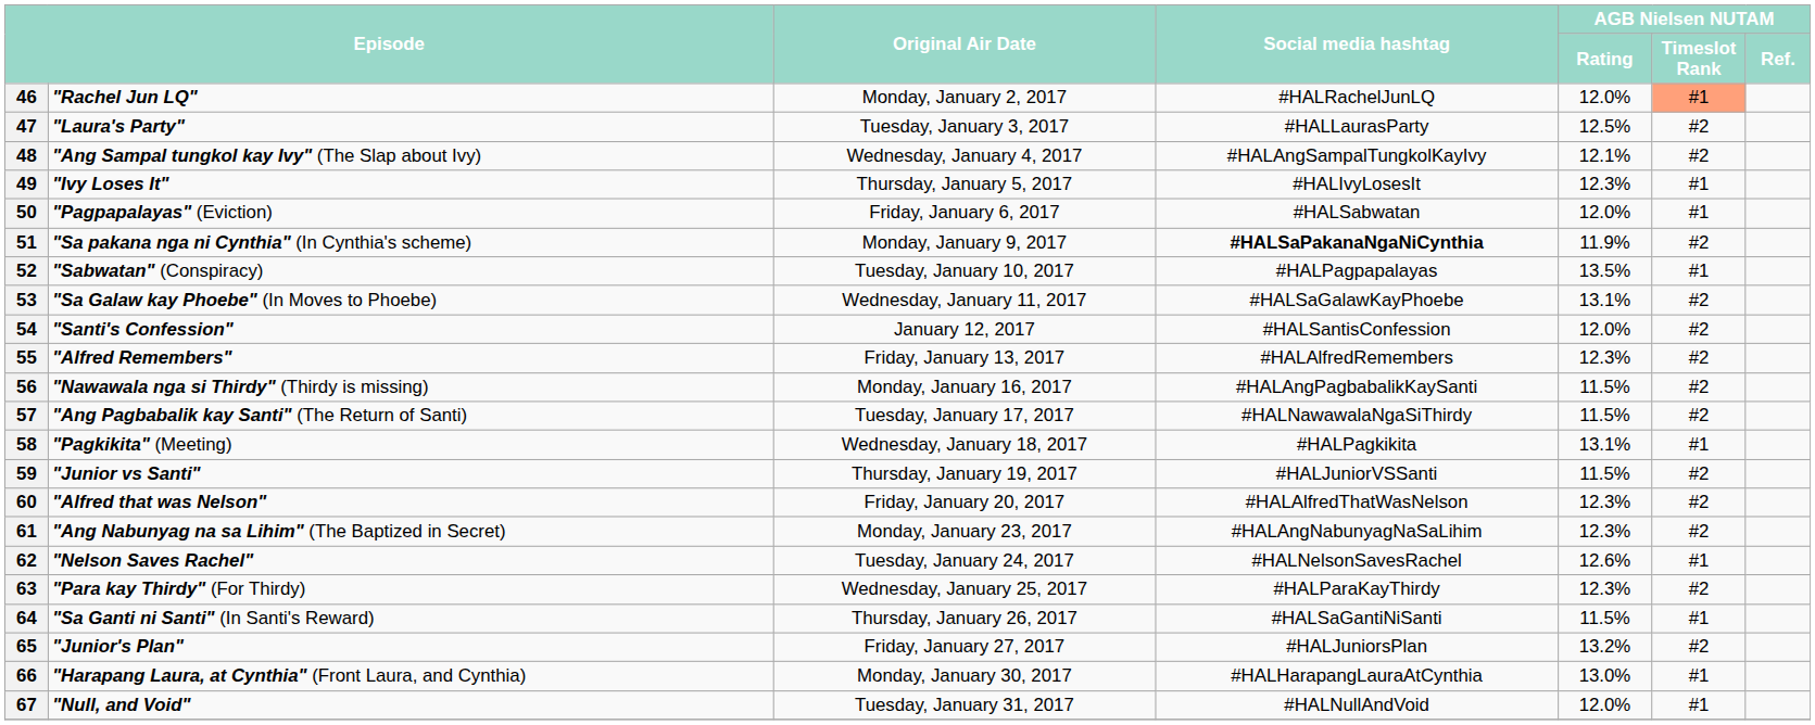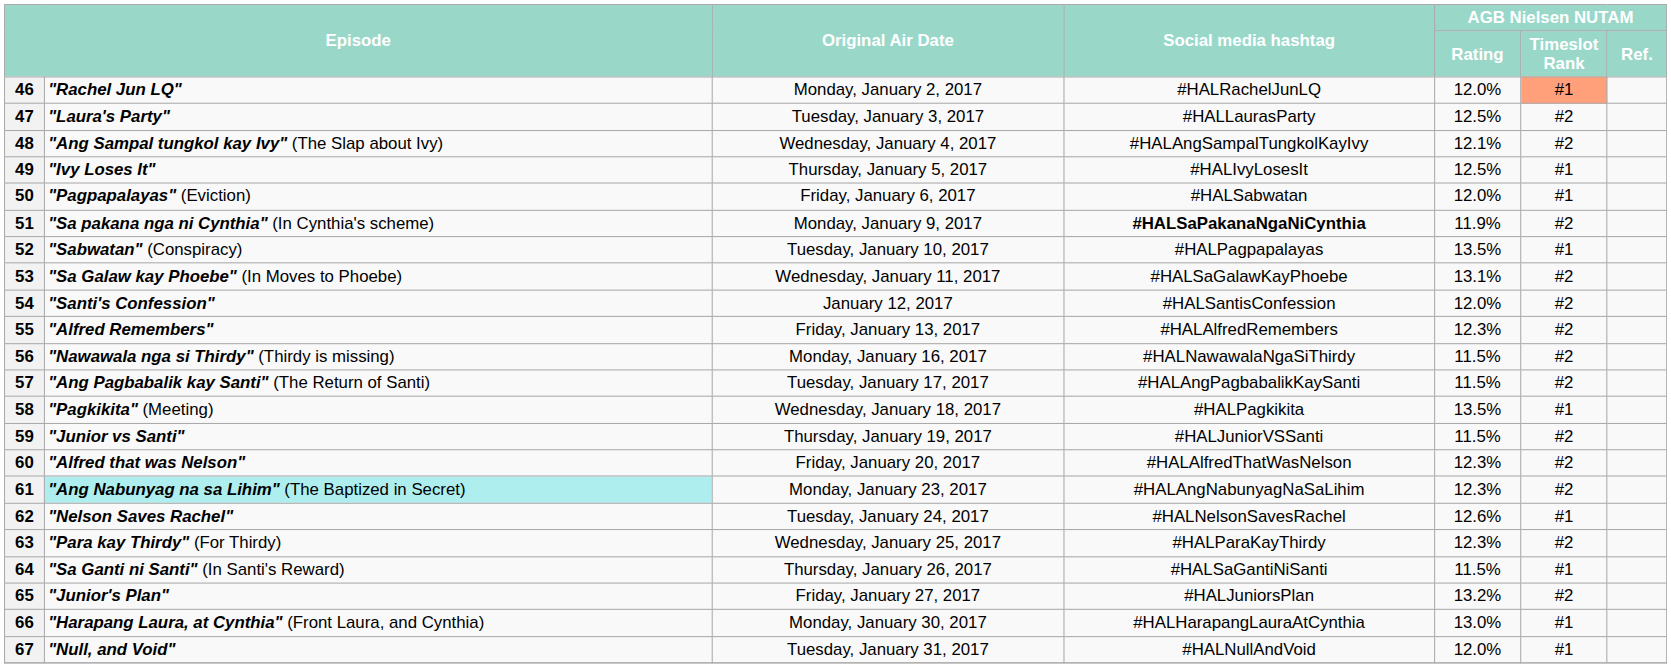 <table class="wikitable" style="text-align:center; font-size:100%; line-height:18px;"  width="100%">
 <tr>
 <th colspan="2" rowspan="2" style="background-color:#99D8C9; color:#ffffff;">Episode</th>
 <th style="background:#99D8C9; color:white" rowspan="2">Original Air Date</th>
 <th style="background:#99D8C9; color:white" rowspan="2">Social media hashtag</th>
 <th style="background-color:#99D8C9; color:#ffffff;" colspan="3">AGB Nielsen NUTAM</th>
 </tr>
 <tr>
 <th style="background-color:#99D8C9; width:75px; color:#ffffff;">Rating</th>
 <th style="background-color:#99D8C9; width:75px; color:#ffffff;">Timeslot<br>Rank</th>
 <th style="background-color:#99D8C9; color:#ffffff;">Ref.</th>
 </tr>
 <tr>
 <th>46</th>
 <td style="text-align: left;"><strong><em>"Rachel Jun LQ"</em></strong></td>
 <td>Monday, January 2, 2017</td>
 <td>#HALRachelJunLQ</td>
 <td>12.0%</td>
 <td style="background: lightsalmon;">#1</td>
 <td></td>
 </tr>
 <tr>
 <th>47</th>
 <td style="text-align: left;"><strong><em>"Laura's Party"</em></strong></td>
 <td>Tuesday, January 3, 2017</td>
 <td>#HALLaurasParty</td>
 <td>12.5%</td>
 <td>#2</td>
 <td></td>
 </tr>
 <tr>
 <th>48</th>
 <td style="text-align: left;"><strong><em>"Ang Sampal tungkol kay Ivy"</em></strong> (The Slap about Ivy)</td>
 <td>Wednesday, January 4, 2017</td>
 <td>#HALAngSampalTungkolKayIvy</td>
 <td>12.1%</td>
 <td>#2</td>
 <td></td>
 </tr>
 <tr>
 <th>49</th>
 <td style="text-align: left;"><strong><em>"Ivy Loses It"</em></strong></td>
 <td>Thursday, January 5, 2017</td>
 <td>#HALIvyLosesIt</td>
-<td>12.3%</td>
+<td>12.5%</td>
 <td>#1</td>
 <td></td>
 </tr>
 <tr>
 <th>50</th>
 <td style="text-align: left;"><strong><em>"Pagpapalayas"</em></strong> (Eviction)</td>
 <td>Friday, January 6, 2017</td>
 <td>#HALSabwatan</td>
 <td>12.0%</td>
 <td>#1</td>
 <td></td>
 </tr>
 <tr>
 <th>51</th>
 <td style="text-align: left;"><strong><em>"Sa pakana nga ni Cynthia"</em></strong> (In Cynthia's scheme)</td>
 <td>Monday, January 9, 2017</td>
 <td><strong>#HALSaPakanaNgaNiCynthia</strong></td>
 <td>11.9%</td>
 <td>#2</td>
 <td></td>
 </tr>
 <tr>
 <th>52</th>
 <td style="text-align: left;"><strong><em>"Sabwatan"</em></strong> (Conspiracy)</td>
 <td>Tuesday, January 10, 2017</td>
 <td>#HALPagpapalayas</td>
 <td>13.5%</td>
 <td>#1</td>
 <td></td>
 </tr>
 <tr>
 <th>53</th>
 <td style="text-align: left;"><strong><em>"Sa Galaw kay Phoebe"</em></strong> (In Moves to Phoebe)</td>
 <td>Wednesday, January 11, 2017</td>
 <td>#HALSaGalawKayPhoebe</td>
 <td>13.1%</td>
 <td>#2</td>
 <td></td>
 </tr>
 <tr>
 <th>54</th>
 <td style="text-align: left;"><strong><em>"Santi's Confession"</em></strong></td>
 <td>January 12, 2017</td>
 <td>#HALSantisConfession</td>
 <td>12.0%</td>
 <td>#2</td>
 <td></td>
 </tr>
 <tr>
 <th>55</th>
 <td style="text-align: left;"><strong><em>"Alfred Remembers"</em></strong></td>
 <td>Friday, January 13, 2017</td>
 <td>#HALAlfredRemembers</td>
 <td>12.3%</td>
 <td>#2</td>
 <td></td>
 </tr>
 <tr>
 <th>56</th>
 <td style="text-align: left;"><strong><em>"Nawawala nga si Thirdy"</em></strong> (Thirdy is missing)</td>
 <td>Monday, January 16, 2017</td>
-<td>#HALAngPagbabalikKaySanti</td>
+<td>#HALNawawalaNgaSiThirdy</td>
 <td>11.5%</td>
 <td>#2</td>
 <td></td>
 </tr>
 <tr>
 <th>57</th>
 <td style="text-align: left;"><strong><em>"Ang Pagbabalik kay Santi"</em></strong> (The Return of Santi)</td>
 <td>Tuesday, January 17, 2017</td>
-<td>#HALNawawalaNgaSiThirdy</td>
+<td>#HALAngPagbabalikKaySanti</td>
 <td>11.5%</td>
 <td>#2</td>
 <td></td>
 </tr>
 <tr>
 <th>58</th>
 <td style="text-align: left;"><strong><em>"Pagkikita"</em></strong> (Meeting)</td>
 <td>Wednesday, January 18, 2017</td>
 <td>#HALPagkikita</td>
-<td>13.1%</td>
+<td>13.5%</td>
 <td>#1</td>
 <td></td>
 </tr>
 <tr>
 <th>59</th>
 <td style="text-align: left;"><strong><em>"Junior vs Santi"</em></strong></td>
 <td>Thursday, January 19, 2017</td>
 <td>#HALJuniorVSSanti</td>
 <td>11.5%</td>
 <td>#2</td>
 <td></td>
 </tr>
 <tr>
 <th>60</th>
 <td style="text-align: left;"><strong><em>"Alfred that was Nelson"</em></strong></td>
 <td>Friday, January 20, 2017</td>
 <td>#HALAlfredThatWasNelson</td>
 <td>12.3%</td>
 <td>#2</td>
 <td></td>
 </tr>
 <tr>
 <th>61</th>
-<td style="text-align: left;"><strong><em>"Ang Nabunyag na sa Lihim"</em></strong> (The Baptized in Secret)</td>
+<td style="background: paleturquoise; text-align: left;"><strong><em>"Ang Nabunyag na sa Lihim"</em></strong> (The Baptized in Secret)</td>
 <td>Monday, January 23, 2017</td>
 <td>#HALAngNabunyagNaSaLihim</td>
 <td>12.3%</td>
 <td>#2</td>
 <td></td>
 </tr>
 <tr>
 <th>62</th>
 <td style="text-align: left;"><strong><em>"Nelson Saves Rachel"</em></strong></td>
 <td>Tuesday, January 24, 2017</td>
 <td>#HALNelsonSavesRachel</td>
 <td>12.6%</td>
 <td>#1</td>
 <td></td>
 </tr>
 <tr>
 <th>63</th>
 <td style="text-align: left;"><strong><em>"Para kay Thirdy"</em></strong> (For Thirdy)</td>
 <td>Wednesday, January 25, 2017</td>
 <td>#HALParaKayThirdy</td>
 <td>12.3%</td>
 <td>#2</td>
 <td></td>
 </tr>
 <tr>
 <th>64</th>
 <td style="text-align: left;"><strong><em>"Sa Ganti ni Santi"</em></strong> (In Santi's Reward)</td>
 <td>Thursday, January 26, 2017</td>
 <td>#HALSaGantiNiSanti</td>
 <td>11.5%</td>
 <td>#1</td>
 <td></td>
 </tr>
 <tr>
 <th>65</th>
 <td style="text-align: left;"><strong><em>"Junior's Plan"</em></strong></td>
 <td>Friday, January 27, 2017</td>
 <td>#HALJuniorsPlan</td>
 <td>13.2%</td>
 <td>#2</td>
 <td></td>
 </tr>
 <tr>
 <th>66</th>
 <td style="text-align: left;"><strong><em>"Harapang Laura, at Cynthia"</em></strong> (Front Laura, and Cynthia)</td>
 <td>Monday, January 30, 2017</td>
 <td>#HALHarapangLauraAtCynthia</td>
 <td>13.0%</td>
 <td>#1</td>
 <td></td>
 </tr>
 <tr>
 <th>67</th>
 <td style="text-align: left;"><strong><em>"Null, and Void"</em></strong></td>
 <td>Tuesday, January 31, 2017</td>
 <td>#HALNullAndVoid</td>
 <td>12.0%</td>
 <td>#1</td>
 <td></td>
 </tr>
 <tr>
 </tr>
 </table>
